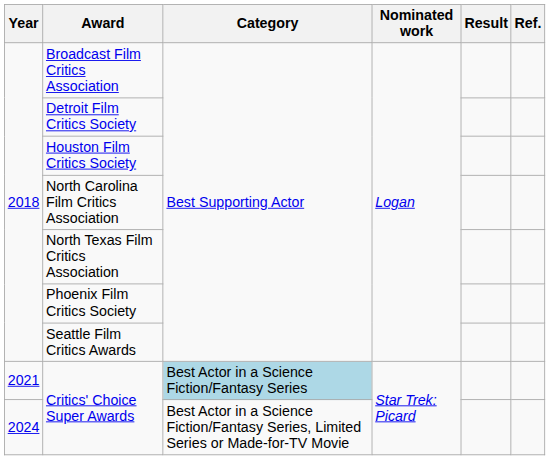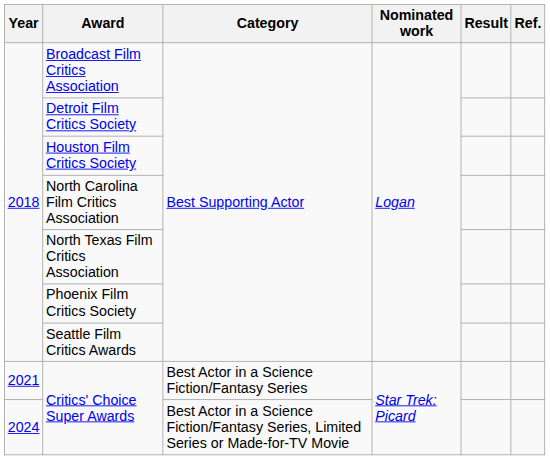 <table class="unsortable wikitable">
 <tr>
 <th>Year</th>
 <th>Award</th>
 <th>Category</th>
 <th>Nominated work</th>
 <th>Result</th>
 <th class="unsortable">Ref.</th>
 </tr>
 <tr>
 <td rowspan="7"><a href='#'>2018</a></td>
 <td><a href='#'>Broadcast Film Critics Association</a></td>
 <td rowspan="7"><a href='#'>Best Supporting Actor</a></td>
 <td rowspan=7><em><a href='#'>Logan</a></em></td>
 <td></td>
 <td></td>
 </tr>
 <tr>
 <td><a href='#'>Detroit Film Critics Society</a></td>
 <td></td>
 <td></td>
 </tr>
 <tr>
 <td><a href='#'>Houston Film Critics Society</a></td>
 <td></td>
 <td></td>
 </tr>
 <tr>
 <td>North Carolina Film Critics Association</td>
 <td></td>
 <td></td>
 </tr>
 <tr>
 <td>North Texas Film Critics Association</td>
 <td></td>
 <td></td>
 </tr>
 <tr>
 <td>Phoenix Film Critics Society</td>
 <td></td>
 <td></td>
 </tr>
 <tr>
 <td>Seattle Film Critics Awards</td>
 <td></td>
 <td></td>
 </tr>
 <tr>
 <td><a href='#'>2021</a></td>
 <td rowspan=2><a href='#'>Critics' Choice Super Awards</a></td>
-<td style="background: lightblue;">Best Actor in a Science Fiction/Fantasy Series</td>
+<td>Best Actor in a Science Fiction/Fantasy Series</td>
 <td rowspan=2><em><a href='#'>Star Trek: Picard</a></em></td>
 <td></td>
 <td></td>
 </tr>
 <tr>
 <td><a href='#'>2024</a></td>
 <td>Best Actor in a Science Fiction/Fantasy Series, Limited Series or Made-for-TV Movie</td>
 <td></td>
 <td></td>
 </tr>
 </table>
